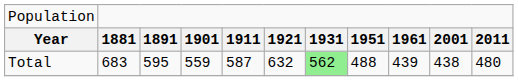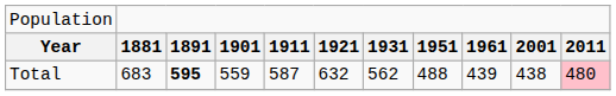 <table class="wikitable">
 <tr>
 <td>Population</td>
 </tr>
 <tr>
 <th>Year</th>
 <th>1881</th>
 <th>1891</th>
 <th>1901</th>
 <th>1911</th>
 <th>1921</th>
 <th>1931</th>
 <th>1951</th>
 <th>1961</th>
 <th>2001</th>
 <th>2011</th>
 </tr>
 <tr>
 <td>Total</td>
 <td>683</td>
-<td>595</td>
+<td><strong>595</strong></td>
 <td>559</td>
 <td>587</td>
 <td>632</td>
-<td style="background: lightgreen;">562</td>
+<td>562</td>
 <td>488</td>
 <td>439</td>
 <td>438</td>
-<td>480</td>
+<td style="background: pink;">480</td>
 </tr>
 <tr>
 </tr>
 </table>
